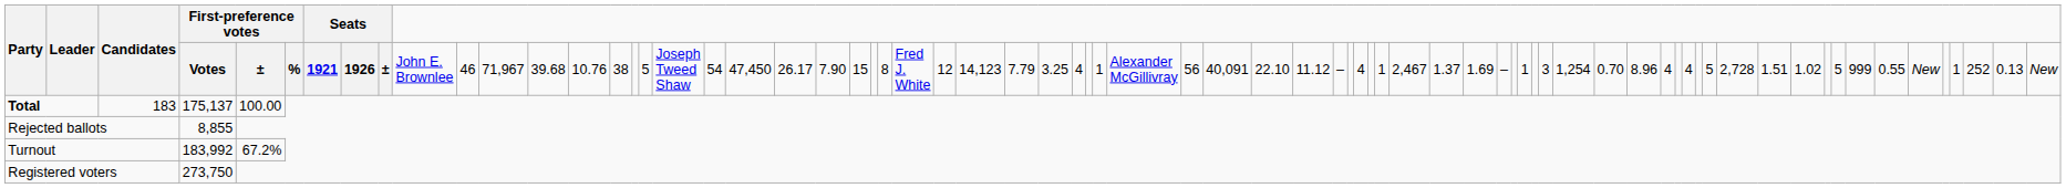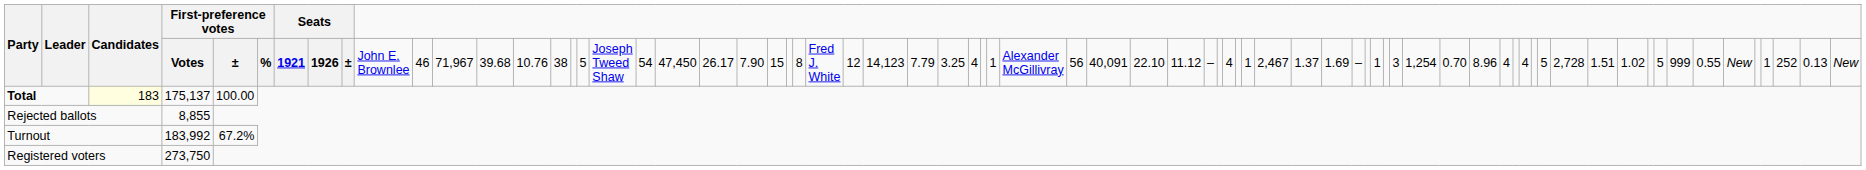 <table class="wikitable" style="text-align:right; font-size:90%">
 <tr>
 <th rowspan="2" colspan="2">Party</th>
 <th rowspan="2">Leader</th>
 <th rowspan="2">Candidates</th>
 <th colspan="3">First-preference votes</th>
 <th colspan="3">Seats</th>
 </tr>
 <tr>
 <th>Votes</th>
 <th>±</th>
 <th>% </th>
 <th><a href='#'>1921</a></th>
 <th>1926</th>
 <th>±<br></th>
 <td style="text-align:left;"><a href='#'>John E. Brownlee</a></td>
 <td>46</td>
 <td>71,967</td>
 <td>39.68</td>
 <td>10.76</td>
 <td>38</td>
 <td></td>
 <td>5<br></td>
 <td style="text-align:left;"><a href='#'>Joseph Tweed Shaw</a></td>
 <td>54</td>
 <td>47,450</td>
 <td>26.17</td>
 <td>7.90</td>
 <td>15</td>
 <td></td>
 <td>8<br></td>
 <td style="text-align:left;"><a href='#'>Fred J. White</a></td>
 <td>12</td>
 <td>14,123</td>
 <td>7.79</td>
 <td>3.25</td>
 <td>4</td>
 <td></td>
 <td>1<br></td>
 <td style="text-align:left;"><a href='#'>Alexander McGillivray</a></td>
 <td>56</td>
 <td>40,091</td>
 <td>22.10</td>
 <td>11.12</td>
 <td>–</td>
 <td></td>
 <td>4<br></td>
 <td style="text-align:left;"></td>
 <td>1</td>
 <td>2,467</td>
 <td>1.37</td>
 <td>1.69</td>
 <td>–</td>
 <td></td>
 <td>1<br></td>
 <td style="text-align:left;"></td>
 <td>3</td>
 <td>1,254</td>
 <td>0.70</td>
 <td>8.96</td>
 <td>4</td>
 <td></td>
 <td>4<br></td>
 <td style="text-align:left;"></td>
 <td>5</td>
 <td>2,728</td>
 <td>1.51</td>
 <td>1.02<br></td>
 <td style="text-align:left;"></td>
 <td>5</td>
 <td>999</td>
 <td>0.55</td>
 <td><em>New</em><br></td>
 <td style="text-align:left;"></td>
 <td>1</td>
 <td>252</td>
 <td>0.13</td>
 <td><em>New</em></td>
 </tr>
 <tr>
 <td colspan="3" style="text-align: left;"><strong>Total</strong></td>
-<td>183</td>
+<td style="background: lightyellow;">183</td>
 <td>175,137</td>
 <td>100.00</td>
 </tr>
 <tr>
 <td colspan="4" style="text-align:left;">Rejected ballots</td>
 <td>8,855</td>
 </tr>
 <tr>
 <td colspan="4" style="text-align:left;">Turnout</td>
 <td>183,992</td>
 <td>67.2%</td>
 </tr>
 <tr>
 <td colspan="4" style="text-align:left;">Registered voters</td>
 <td>273,750</td>
 </tr>
 </table>
